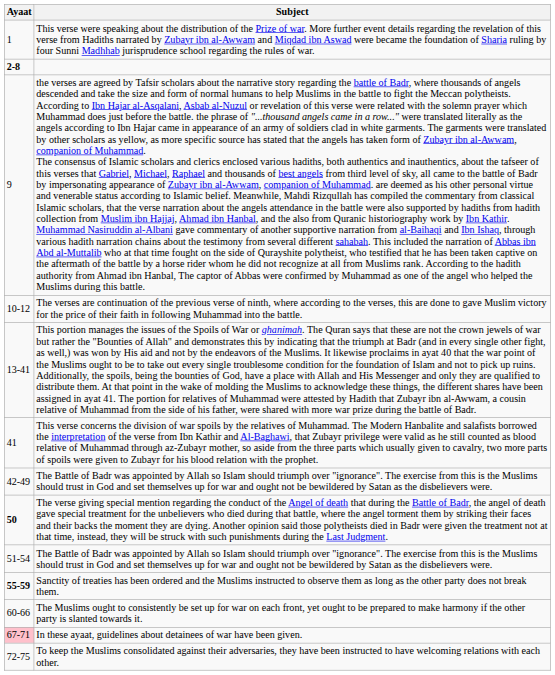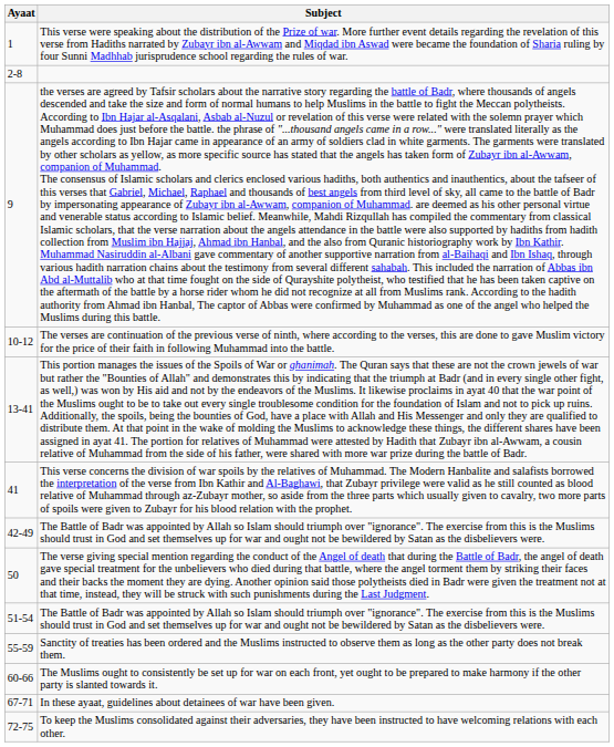 <table class="wikitable">
 <tr>
 <th>Ayaat</th>
 <th>Subject</th>
 </tr>
 <tr>
 <td>1</td>
 <td>This verse were speaking about the distribution of the <a href='#'>Prize of war</a>. More further event details regarding the revelation of this verse from Hadiths  narrated by <a href='#'>Zubayr ibn al-Awwam</a> and <a href='#'>Miqdad ibn Aswad</a> were became the foundation of <a href='#'>Sharia</a> ruling by four Sunni <a href='#'>Madhhab</a> jurisprudence school regarding the rules of war.</td>
 </tr>
 <tr>
-<td><strong>2-8</strong></td>
+<td>2-8</td>
 <td></td>
 </tr>
 <tr>
 <td>9</td>
 <td>the verses are agreed by Tafsir scholars about the narrative story regarding the <a href='#'>battle of Badr</a>, where thousands of angels descended and take the size and form of normal humans to help Muslims in the battle to fight the Meccan polytheists. According to <a href='#'>Ibn Hajar al-Asqalani</a>, <a href='#'>Asbab al-Nuzul</a> or revelation of this verse were related with the solemn prayer which Muhammad does just before the battle. the phrase of <em>"...thousand angels came in a row..."</em> were translated literally as the angels according to Ibn Hajar came in appearance of an army of soldiers clad in white garments. The garments were translated by other scholars as yellow, as more specific source has stated that the angels has taken form of <a href='#'>Zubayr ibn al-Awwam</a>, <a href='#'>companion of Muhammad</a>.<br>The consensus of Islamic scholars and clerics enclosed various hadiths, both authentics and inauthentics, about the tafseer of this verses that <a href='#'>Gabriel</a>, <a href='#'>Michael</a>, <a href='#'>Raphael</a>  and thousands of <a href='#'>best angels</a> from third level of sky, all came to the battle of Badr by impersonating appearance of <a href='#'>Zubayr ibn al-Awwam</a>, <a href='#'>companion of Muhammad</a>. are deemed as his other personal virtue and venerable status according to Islamic belief. Meanwhile, Mahdi Rizqullah has compiled the commentary from classical Islamic scholars, that the verse narration about the angels attendance in the battle were also supported by hadiths from hadith collection from <a href='#'>Muslim ibn Hajjaj</a>, <a href='#'>Ahmad ibn Hanbal</a>, and the also from Quranic historiography work by <a href='#'>Ibn Kathir</a>. <a href='#'>Muhammad Nasiruddin al-Albani</a> gave commentary of another supportive narration from <a href='#'>al-Baihaqi</a> and <a href='#'>Ibn Ishaq</a>, through various hadith narration chains about the testimony from several different <a href='#'>sahabah</a>. This included the narration of <a href='#'>Abbas ibn Abd al-Muttalib</a> who at that time fought on the side of Qurayshite polytheist, who testified that he has been taken captive on the aftermath of the battle by a horse rider whom he did not recognize at all from Muslims rank. According to the hadith authority from Ahmad ibn Hanbal, The captor of Abbas were confirmed by Muhammad as one of the angel who helped the Muslims during this battle.</td>
 </tr>
 <tr>
 <td>10-12</td>
 <td>The verses are continuation of the previous verse of ninth, where according to the verses, this are done to gave Muslim victory for the price of their faith in following Muhammad into the battle.</td>
 </tr>
 <tr>
 <td>13-41</td>
 <td>This portion manages the issues of the Spoils of War or <em><a href='#'>ghanimah</a></em>. The Quran says that these are not the crown jewels of war but rather the "Bounties of Allah" and demonstrates this by indicating that the triumph at Badr (and in every single other fight, as well,) was won by His aid and not by the endeavors of the Muslims. It likewise proclaims in ayat 40 that the war point of the Muslims ought to be to take out every single troublesome condition for the foundation of Islam and not to pick up ruins. Additionally, the spoils, being the bounties of God, have a place with Allah and His Messenger and only they are qualified to distribute them. At that point in the wake of molding the Muslims to acknowledge these things, the different shares have been assigned in ayat 41. The portion for relatives of Muhammad were attested by Hadith that Zubayr ibn al-Awwam, a cousin relative of Muhammad from the side of his father, were shared with more war prize during the battle of Badr.</td>
 </tr>
 <tr>
 <td>41</td>
 <td> This verse concerns the division of war spoils by the relatives of Muhammad. The Modern Hanbalite and salafists borrowed the <a href='#'>interpretation</a> of the verse from Ibn Kathir and <a href='#'>Al-Baghawi</a>, that Zubayr privilege were valid as he still counted as blood relative of Muhammad through az-Zubayr mother, so aside from the three parts which usually given to cavalry, two more parts of spoils were given to Zubayr for his blood relation with the prophet.</td>
 </tr>
 <tr>
 <td>42-49</td>
 <td>The Battle of Badr was appointed by Allah so Islam should triumph over "ignorance". The exercise from this is the Muslims should trust in God and set themselves up for war and ought not be bewildered by Satan as the disbelievers were.</td>
 </tr>
 <tr>
-<td><strong>50</strong></td>
+<td>50</td>
 <td>The verse giving special mention regarding the conduct of the <a href='#'>Angel of death</a> that during the <a href='#'>Battle of Badr</a>, the angel of death gave special treatment for the unbelievers who died during that battle, where the angel torment them by striking their faces and their backs the moment they are dying. Another opinion said those polytheists died in Badr were given the treatment not at that time, instead, they will be struck with such punishments during the <a href='#'>Last Judgment</a>.</td>
 </tr>
 <tr>
 <td>51-54</td>
 <td>The Battle of Badr was appointed by Allah so Islam should triumph over "ignorance". The exercise from this is the Muslims should trust in God and set themselves up for war and ought not be bewildered by Satan as the disbelievers were.</td>
 </tr>
 <tr>
-<td><strong>55-59</strong></td>
+<td>55-59</td>
 <td>Sanctity of treaties has been ordered and the Muslims instructed to observe them as long as the other party does not break them.</td>
 </tr>
 <tr>
 <td>60-66</td>
 <td>The Muslims ought to consistently be set up for war on each front, yet ought to be prepared to make harmony if the other party is slanted towards it.</td>
 </tr>
 <tr>
-<td style="background: pink;">67-71</td>
+<td>67-71</td>
 <td>In these ayaat, guidelines about detainees of war have been given.</td>
 </tr>
 <tr>
 <td>72-75</td>
 <td>To keep the Muslims consolidated against their adversaries, they have been instructed to have welcoming relations with each other.</td>
 </tr>
 </table>
